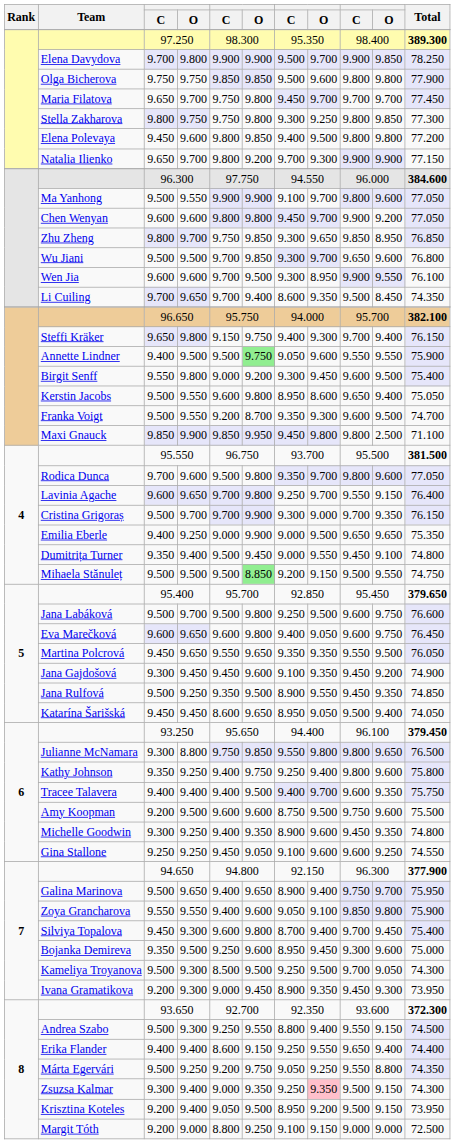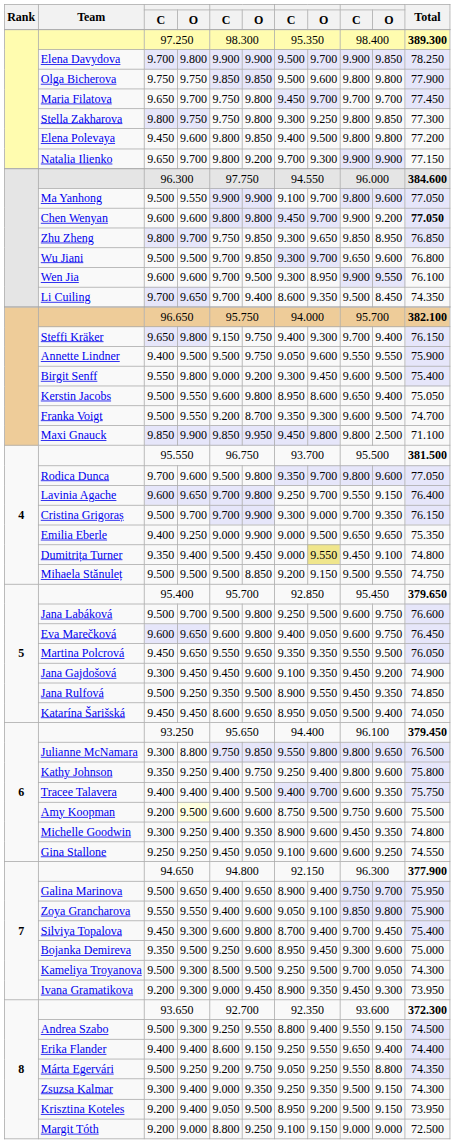 <table class="wikitable" style="text-align:center; font-size:95%">
 <tr>
 <th rowspan=2>Rank</th>
 <th rowspan=2>Team</th>
 <th colspan=2></th>
 <th colspan=2></th>
 <th colspan=2></th>
 <th colspan=2></th>
 <th rowspan=2>Total</th>
 </tr>
 <tr>
 <th>C</th>
 <th>O</th>
 <th>C</th>
 <th>O</th>
 <th>C</th>
 <th>O</th>
 <th>C</th>
 <th>O</th>
 </tr>
 <tr>
 </tr>
 <tr style="background:#fffcaf;">
 <td rowspan=7></td>
 <td style="text-align:left;"><strong></strong></td>
 <td colspan=2>97.250</td>
 <td colspan=2>98.300</td>
 <td colspan=2>95.350</td>
 <td colspan=2>98.400</td>
 <td colspan=1><strong>389.300</strong></td>
 </tr>
 <tr>
 <td align=left><a href='#'>Elena Davydova</a></td>
 <td bgcolor="lavender">9.700</td>
 <td bgcolor="lavender">9.800</td>
 <td bgcolor="lavender">9.900</td>
 <td bgcolor="lavender">9.900</td>
 <td bgcolor="lavender">9.500</td>
 <td bgcolor="lavender">9.700</td>
 <td bgcolor="lavender">9.900</td>
 <td bgcolor="lavender">9.850</td>
 <td bgcolor="lavender">78.250</td>
 </tr>
 <tr>
 <td align=left><a href='#'>Olga Bicherova</a></td>
 <td>9.750</td>
 <td>9.750</td>
 <td bgcolor="lavender">9.850</td>
 <td bgcolor="lavender">9.850</td>
 <td>9.500</td>
 <td>9.600</td>
 <td>9.800</td>
 <td>9.800</td>
 <td bgcolor="lavender">77.900</td>
 </tr>
 <tr>
 <td align=left><a href='#'>Maria Filatova</a></td>
 <td>9.650</td>
 <td>9.700</td>
 <td>9.750</td>
 <td>9.800</td>
 <td bgcolor="lavender">9.450</td>
 <td bgcolor="lavender">9.700</td>
 <td>9.700</td>
 <td>9.700</td>
 <td bgcolor="lavender">77.450</td>
 </tr>
 <tr>
 <td align=left><a href='#'>Stella Zakharova</a></td>
 <td bgcolor="lavender">9.800</td>
 <td bgcolor="lavender">9.750</td>
 <td>9.750</td>
 <td>9.800</td>
 <td>9.300</td>
 <td>9.250</td>
 <td>9.800</td>
 <td>9.850</td>
 <td>77.300</td>
 </tr>
 <tr>
 <td align=left><a href='#'>Elena Polevaya</a></td>
 <td>9.450</td>
 <td>9.600</td>
 <td>9.800</td>
 <td>9.850</td>
 <td>9.400</td>
 <td>9.500</td>
 <td>9.800</td>
 <td>9.800</td>
 <td>77.200</td>
 </tr>
 <tr>
 <td align=left><a href='#'>Natalia Ilienko</a></td>
 <td>9.650</td>
 <td>9.700</td>
 <td>9.800</td>
 <td>9.200</td>
 <td>9.700</td>
 <td>9.300</td>
 <td bgcolor="lavender">9.900</td>
 <td bgcolor="lavender">9.900</td>
 <td>77.150</td>
 </tr>
 <tr>
 </tr>
 <tr style="background:#e5e5e5;">
 <td rowspan=7></td>
 <td style="text-align:left;"><strong></strong></td>
 <td colspan=2>96.300</td>
 <td colspan=2>97.750</td>
 <td colspan=2>94.550</td>
 <td colspan=2>96.000</td>
 <td colspan=1><strong>384.600</strong></td>
 </tr>
 <tr>
 <td align=left><a href='#'>Ma Yanhong</a></td>
 <td>9.500</td>
 <td>9.550</td>
 <td bgcolor="lavender">9.900</td>
 <td bgcolor="lavender">9.900</td>
 <td>9.100</td>
 <td>9.700</td>
 <td bgcolor="lavender">9.800</td>
 <td bgcolor="lavender">9.600</td>
 <td bgcolor="lavender">77.050</td>
 </tr>
 <tr>
 <td align=left><a href='#'>Chen Wenyan</a></td>
 <td>9.600</td>
 <td>9.600</td>
 <td bgcolor="lavender">9.800</td>
 <td bgcolor="lavender">9.800</td>
 <td bgcolor="lavender">9.450</td>
 <td bgcolor="lavender">9.700</td>
 <td>9.900</td>
 <td>9.200</td>
-<td bgcolor="lavender">77.050</td>
+<td bgcolor="lavender"><strong>77.050</strong></td>
 </tr>
 <tr>
 <td align=left><a href='#'>Zhu Zheng</a></td>
 <td bgcolor="lavender">9.800</td>
 <td bgcolor="lavender">9.700</td>
 <td>9.750</td>
 <td>9.850</td>
 <td>9.300</td>
 <td>9.650</td>
 <td>9.850</td>
 <td>8.950</td>
 <td bgcolor="lavender">76.850</td>
 </tr>
 <tr>
 <td align=left><a href='#'>Wu Jiani</a></td>
 <td>9.500</td>
 <td>9.500</td>
 <td>9.700</td>
 <td>9.850</td>
 <td bgcolor="lavender">9.300</td>
 <td bgcolor="lavender">9.700</td>
 <td>9.650</td>
 <td>9.600</td>
 <td>76.800</td>
 </tr>
 <tr>
 <td align=left><a href='#'>Wen Jia</a></td>
 <td>9.600</td>
 <td>9.600</td>
 <td>9.700</td>
 <td>9.500</td>
 <td>9.300</td>
 <td>8.950</td>
 <td bgcolor="lavender">9.900</td>
 <td bgcolor="lavender">9.550</td>
 <td>76.100</td>
 </tr>
 <tr>
 <td align=left><a href='#'>Li Cuiling</a></td>
 <td bgcolor="lavender">9.700</td>
 <td bgcolor="lavender">9.650</td>
 <td>9.700</td>
 <td>9.400</td>
 <td>8.600</td>
 <td>9.350</td>
 <td>9.500</td>
 <td>8.450</td>
 <td>74.350</td>
 </tr>
 <tr>
 </tr>
 <tr style="background:#ec9;">
 <td rowspan=7></td>
 <td style="text-align:left;"><strong></strong></td>
 <td colspan=2>96.650</td>
 <td colspan=2>95.750</td>
 <td colspan=2>94.000</td>
 <td colspan=2>95.700</td>
 <td colspan=1><strong>382.100</strong></td>
 </tr>
 <tr>
 <td align=left><a href='#'>Steffi Kräker</a></td>
 <td bgcolor="lavender">9.650</td>
 <td bgcolor="lavender">9.800</td>
 <td>9.150</td>
 <td>9.750</td>
 <td>9.400</td>
 <td>9.300</td>
 <td>9.700</td>
 <td>9.400</td>
 <td bgcolor="lavender">76.150</td>
 </tr>
 <tr>
 <td align=left><a href='#'>Annette Lindner</a></td>
 <td>9.400</td>
 <td>9.500</td>
 <td>9.500</td>
-<td style="background: lightgreen;">9.750</td>
+<td>9.750</td>
 <td>9.050</td>
 <td>9.600</td>
 <td>9.550</td>
 <td>9.550</td>
 <td bgcolor="lavender">75.900</td>
 </tr>
 <tr>
 <td align=left><a href='#'>Birgit Senff</a></td>
 <td>9.550</td>
 <td>9.800</td>
 <td>9.000</td>
 <td>9.200</td>
 <td>9.300</td>
 <td>9.450</td>
 <td>9.600</td>
 <td>9.500</td>
 <td bgcolor="lavender">75.400</td>
 </tr>
 <tr>
 <td align=left><a href='#'>Kerstin Jacobs</a></td>
 <td>9.500</td>
 <td>9.550</td>
 <td>9.600</td>
 <td>9.800</td>
 <td>8.950</td>
 <td>8.600</td>
 <td>9.650</td>
 <td>9.400</td>
 <td>75.050</td>
 </tr>
 <tr>
 <td align=left><a href='#'>Franka Voigt</a></td>
 <td>9.500</td>
 <td>9.550</td>
 <td>9.200</td>
 <td>8.700</td>
 <td>9.350</td>
 <td>9.300</td>
 <td>9.600</td>
 <td>9.500</td>
 <td>74.700</td>
 </tr>
 <tr>
 <td align=left><a href='#'>Maxi Gnauck</a></td>
 <td bgcolor="lavender">9.850</td>
 <td bgcolor="lavender">9.900</td>
 <td bgcolor="lavender">9.850</td>
 <td bgcolor="lavender">9.950</td>
 <td bgcolor="lavender">9.450</td>
 <td bgcolor="lavender">9.800</td>
 <td>9.800</td>
 <td>2.500</td>
 <td>71.100</td>
 </tr>
 <tr>
 <td rowspan=7><strong>4</strong></td>
 <td style="text-align:left;"><strong></strong></td>
 <td colspan=2>95.550</td>
 <td colspan=2>96.750</td>
 <td colspan=2>93.700</td>
 <td colspan=2>95.500</td>
 <td colspan=1><strong>381.500</strong></td>
 </tr>
 <tr>
 <td align=left><a href='#'>Rodica Dunca</a></td>
 <td>9.700</td>
 <td>9.600</td>
 <td>9.500</td>
 <td>9.800</td>
 <td bgcolor="lavender">9.350</td>
 <td bgcolor="lavender">9.700</td>
 <td bgcolor="lavender">9.800</td>
 <td bgcolor="lavender">9.600</td>
 <td bgcolor="lavender">77.050</td>
 </tr>
 <tr>
 <td align=left><a href='#'>Lavinia Agache</a></td>
 <td bgcolor="lavender">9.600</td>
 <td bgcolor="lavender">9.650</td>
 <td bgcolor="lavender">9.700</td>
 <td bgcolor="lavender">9.800</td>
 <td>9.250</td>
 <td>9.700</td>
 <td>9.550</td>
 <td>9.150</td>
 <td bgcolor="lavender">76.400</td>
 </tr>
 <tr>
 <td align=left><a href='#'>Cristina Grigoraș</a></td>
 <td>9.500</td>
 <td>9.700</td>
 <td bgcolor="lavender">9.700</td>
 <td bgcolor="lavender">9.900</td>
 <td>9.300</td>
 <td>9.000</td>
 <td>9.700</td>
 <td>9.350</td>
 <td bgcolor="lavender">76.150</td>
 </tr>
 <tr>
 <td align=left><a href='#'>Emilia Eberle</a></td>
 <td>9.400</td>
 <td>9.250</td>
 <td>9.000</td>
 <td>9.900</td>
 <td>9.000</td>
 <td>9.500</td>
 <td>9.650</td>
 <td>9.650</td>
 <td>75.350</td>
 </tr>
 <tr>
 <td align=left><a href='#'>Dumitrița Turner</a></td>
 <td>9.350</td>
 <td>9.400</td>
 <td>9.500</td>
 <td>9.450</td>
 <td>9.000</td>
-<td>9.550</td>
+<td style="background: khaki;">9.550</td>
 <td>9.450</td>
 <td>9.100</td>
 <td>74.800</td>
 </tr>
 <tr>
 <td align=left><a href='#'>Mihaela Stănuleț</a></td>
 <td>9.500</td>
 <td>9.500</td>
 <td>9.500</td>
-<td style="background: lightgreen;">8.850</td>
+<td>8.850</td>
 <td>9.200</td>
 <td>9.150</td>
 <td>9.500</td>
 <td>9.550</td>
 <td>74.750</td>
 </tr>
 <tr>
 <td rowspan=7><strong>5</strong></td>
 <td style="text-align:left;"><strong></strong></td>
 <td colspan=2>95.400</td>
 <td colspan=2>95.700</td>
 <td colspan=2>92.850</td>
 <td colspan=2>95.450</td>
 <td colspan=1><strong>379.650</strong></td>
 </tr>
 <tr>
 <td align=left><a href='#'>Jana Labáková</a></td>
 <td>9.500</td>
 <td>9.700</td>
 <td>9.500</td>
 <td>9.800</td>
 <td>9.250</td>
 <td>9.500</td>
 <td>9.600</td>
 <td>9.750</td>
 <td bgcolor="lavender">76.600</td>
 </tr>
 <tr>
 <td align=left><a href='#'>Eva Marečková</a></td>
 <td bgcolor="lavender">9.600</td>
 <td bgcolor="lavender">9.650</td>
 <td>9.600</td>
 <td>9.800</td>
 <td>9.400</td>
 <td>9.050</td>
 <td>9.600</td>
 <td>9.750</td>
 <td bgcolor="lavender">76.450</td>
 </tr>
 <tr>
 <td align=left><a href='#'>Martina Polcrová</a></td>
 <td>9.450</td>
 <td>9.650</td>
 <td>9.550</td>
 <td>9.650</td>
 <td>9.350</td>
 <td>9.350</td>
 <td>9.550</td>
 <td>9.500</td>
 <td bgcolor="lavender">76.050</td>
 </tr>
 <tr>
 <td align=left><a href='#'>Jana Gajdošová</a></td>
 <td>9.300</td>
 <td>9.450</td>
 <td>9.450</td>
 <td>9.600</td>
 <td>9.100</td>
 <td>9.350</td>
 <td>9.450</td>
 <td>9.200</td>
 <td>74.900</td>
 </tr>
 <tr>
 <td align=left><a href='#'>Jana Rulfová</a></td>
 <td>9.500</td>
 <td>9.250</td>
 <td>9.350</td>
 <td>9.500</td>
 <td>8.900</td>
 <td>9.550</td>
 <td>9.450</td>
 <td>9.350</td>
 <td>74.850</td>
 </tr>
 <tr>
 <td align=left><a href='#'>Katarína Šarišská</a></td>
 <td>9.450</td>
 <td>9.450</td>
 <td>8.600</td>
 <td>9.650</td>
 <td>8.950</td>
 <td>9.050</td>
 <td>9.500</td>
 <td>9.400</td>
 <td>74.050</td>
 </tr>
 <tr>
 <td rowspan=7><strong>6</strong></td>
 <td style="text-align:left;"><strong></strong></td>
 <td colspan=2>93.250</td>
 <td colspan=2>95.650</td>
 <td colspan=2>94.400</td>
 <td colspan=2>96.100</td>
 <td colspan=1><strong>379.450</strong></td>
 </tr>
 <tr>
 <td align=left><a href='#'>Julianne McNamara</a></td>
 <td>9.300</td>
 <td>8.800</td>
 <td bgcolor="lavender">9.750</td>
 <td bgcolor="lavender">9.850</td>
 <td bgcolor="lavender">9.550</td>
 <td bgcolor="lavender">9.800</td>
 <td bgcolor="lavender">9.800</td>
 <td bgcolor="lavender">9.650</td>
 <td bgcolor="lavender">76.500</td>
 </tr>
 <tr>
 <td align=left><a href='#'>Kathy Johnson</a></td>
 <td>9.350</td>
 <td>9.250</td>
 <td>9.400</td>
 <td>9.750</td>
 <td>9.250</td>
 <td>9.400</td>
 <td>9.800</td>
 <td>9.600</td>
 <td bgcolor="lavender">75.800</td>
 </tr>
 <tr>
 <td align=left><a href='#'>Tracee Talavera</a></td>
 <td>9.400</td>
 <td>9.400</td>
 <td>9.400</td>
 <td>9.500</td>
 <td bgcolor="lavender">9.400</td>
 <td bgcolor="lavender">9.700</td>
 <td>9.600</td>
 <td>9.350</td>
 <td bgcolor="lavender">75.750</td>
 </tr>
 <tr>
 <td align=left><a href='#'>Amy Koopman</a></td>
 <td>9.200</td>
-<td>9.500</td>
+<td style="background: lightyellow;">9.500</td>
 <td>9.600</td>
 <td>9.600</td>
 <td>8.750</td>
 <td>9.500</td>
 <td>9.750</td>
 <td>9.600</td>
 <td>75.500</td>
 </tr>
 <tr>
 <td align=left><a href='#'>Michelle Goodwin</a></td>
 <td>9.300</td>
 <td>9.250</td>
 <td>9.400</td>
 <td>9.350</td>
 <td>8.900</td>
 <td>9.600</td>
 <td>9.450</td>
 <td>9.350</td>
 <td>74.800</td>
 </tr>
 <tr>
 <td align=left><a href='#'>Gina Stallone</a></td>
 <td>9.250</td>
 <td>9.250</td>
 <td>9.450</td>
 <td>9.050</td>
 <td>9.100</td>
 <td>9.600</td>
 <td>9.600</td>
 <td>9.250</td>
 <td>74.550</td>
 </tr>
 <tr>
 <td rowspan=7><strong>7</strong></td>
 <td style="text-align:left;"><strong></strong></td>
 <td colspan=2>94.650</td>
 <td colspan=2>94.800</td>
 <td colspan=2>92.150</td>
 <td colspan=2>96.300</td>
 <td colspan=1><strong>377.900</strong></td>
 </tr>
 <tr>
 <td align=left><a href='#'>Galina Marinova</a></td>
 <td>9.500</td>
 <td>9.650</td>
 <td>9.400</td>
 <td>9.650</td>
 <td>8.900</td>
 <td>9.400</td>
 <td bgcolor="lavender">9.750</td>
 <td bgcolor="lavender">9.700</td>
 <td bgcolor="lavender">75.950</td>
 </tr>
 <tr>
 <td align=left><a href='#'>Zoya Grancharova</a></td>
 <td>9.550</td>
 <td>9.550</td>
 <td>9.400</td>
 <td>9.600</td>
 <td>9.050</td>
 <td>9.100</td>
 <td bgcolor="lavender">9.850</td>
 <td bgcolor="lavender">9.800</td>
 <td bgcolor="lavender">75.900</td>
 </tr>
 <tr>
 <td align=left><a href='#'>Silviya Topalova</a></td>
 <td>9.450</td>
 <td>9.300</td>
 <td>9.600</td>
 <td>9.800</td>
 <td>8.700</td>
 <td>9.400</td>
 <td>9.700</td>
 <td>9.450</td>
 <td bgcolor="lavender">75.400</td>
 </tr>
 <tr>
 <td align=left><a href='#'>Bojanka Demireva</a></td>
 <td>9.350</td>
 <td>9.500</td>
 <td>9.250</td>
 <td>9.600</td>
 <td>8.950</td>
 <td>9.450</td>
 <td>9.300</td>
 <td>9.600</td>
 <td>75.000</td>
 </tr>
 <tr>
 <td align=left><a href='#'>Kameliya Troyanova</a></td>
 <td>9.500</td>
 <td>9.300</td>
 <td>8.500</td>
 <td>9.500</td>
 <td>9.250</td>
 <td>9.500</td>
 <td>9.700</td>
 <td>9.050</td>
 <td>74.300</td>
 </tr>
 <tr>
 <td align=left><a href='#'>Ivana Gramatikova</a></td>
 <td>9.200</td>
 <td>9.300</td>
 <td>9.000</td>
 <td>9.450</td>
 <td>8.900</td>
 <td>9.350</td>
 <td>9.450</td>
 <td>9.300</td>
 <td>73.950</td>
 </tr>
 <tr>
 <td rowspan=7><strong>8</strong></td>
 <td style="text-align:left;"><strong></strong></td>
 <td colspan=2>93.650</td>
 <td colspan=2>92.700</td>
 <td colspan=2>92.350</td>
 <td colspan=2>93.600</td>
 <td colspan=1><strong>372.300</strong></td>
 </tr>
 <tr>
 <td align=left><a href='#'>Andrea Szabo</a></td>
 <td>9.500</td>
 <td>9.300</td>
 <td>9.250</td>
 <td>9.550</td>
 <td>8.800</td>
 <td>9.400</td>
 <td>9.550</td>
 <td>9.150</td>
 <td bgcolor="lavender">74.500</td>
 </tr>
 <tr>
 <td align=left><a href='#'>Erika Flander</a></td>
 <td>9.400</td>
 <td>9.400</td>
 <td>8.600</td>
 <td>9.150</td>
 <td>9.250</td>
 <td>9.550</td>
 <td>9.650</td>
 <td>9.400</td>
 <td bgcolor="lavender">74.400</td>
 </tr>
 <tr>
 <td align=left><a href='#'>Márta Egervári</a></td>
 <td>9.500</td>
 <td>9.250</td>
 <td>9.200</td>
 <td>9.750</td>
 <td>9.050</td>
 <td>9.250</td>
 <td>9.550</td>
 <td>8.800</td>
 <td bgcolor="lavender">74.350</td>
 </tr>
 <tr>
 <td align=left><a href='#'>Zsuzsa Kalmar</a></td>
 <td>9.300</td>
 <td>9.400</td>
 <td>9.000</td>
 <td>9.350</td>
 <td>9.250</td>
-<td style="background: pink;">9.350</td>
+<td>9.350</td>
 <td>9.500</td>
 <td>9.150</td>
 <td>74.300</td>
 </tr>
 <tr>
 <td align=left><a href='#'>Krisztina Koteles</a></td>
 <td>9.200</td>
 <td>9.400</td>
 <td>9.050</td>
 <td>9.500</td>
 <td>8.950</td>
 <td>9.200</td>
 <td>9.500</td>
 <td>9.150</td>
 <td>73.950</td>
 </tr>
 <tr>
 <td align=left><a href='#'>Margit Tóth</a></td>
 <td>9.200</td>
 <td>9.000</td>
 <td>8.800</td>
 <td>9.250</td>
 <td>9.100</td>
 <td>9.150</td>
 <td>9.000</td>
 <td>9.000</td>
 <td>72.500</td>
 </tr>
 </table>
